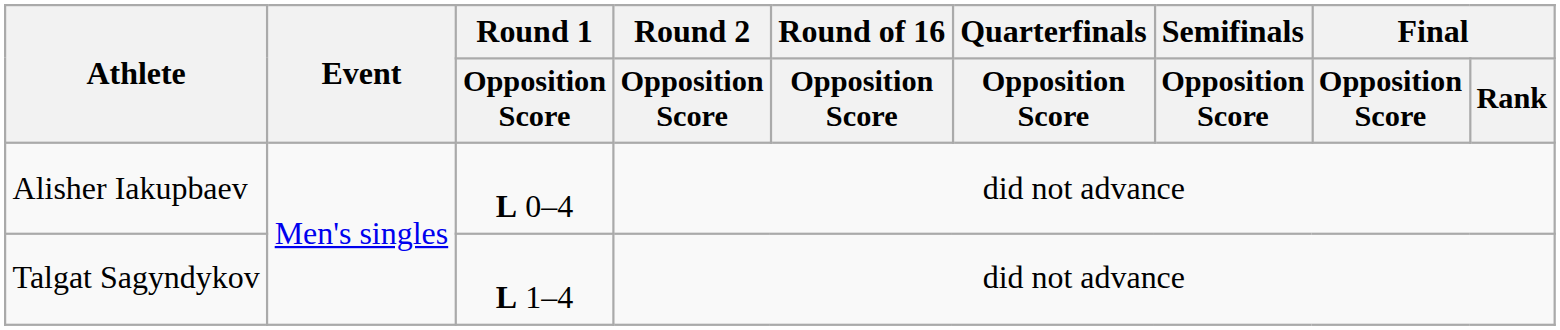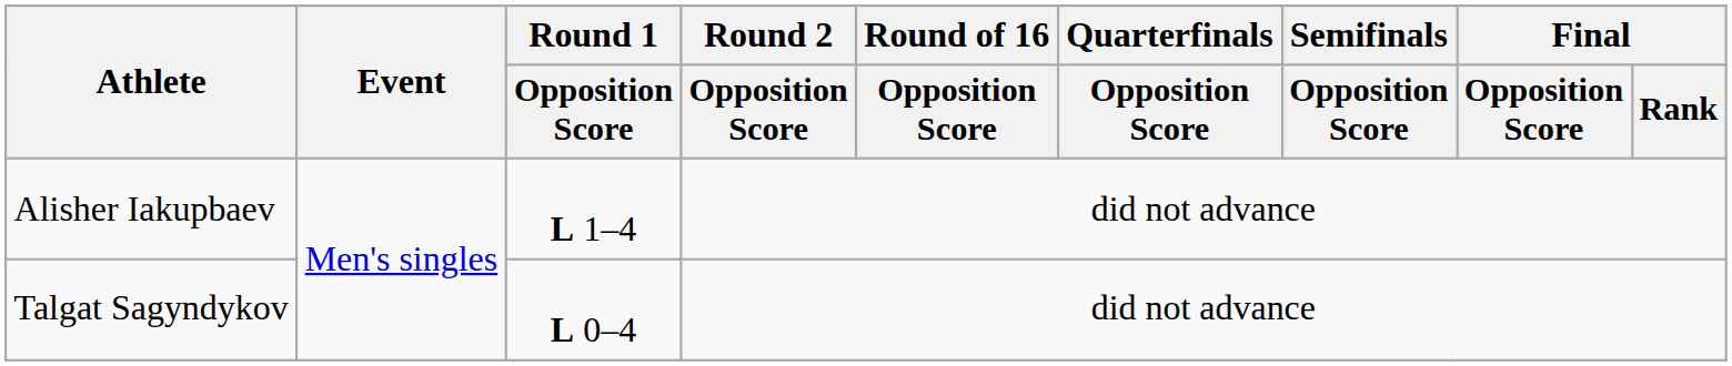 <table class=wikitable style="font-size:90%; text-align:center;">
 <tr>
 <th rowspan="2">Athlete</th>
 <th rowspan="2">Event</th>
 <th>Round 1</th>
 <th>Round 2</th>
 <th>Round of 16</th>
 <th>Quarterfinals</th>
 <th>Semifinals</th>
 <th colspan=2>Final</th>
 </tr>
 <tr style="font-size:95%">
 <th>Opposition<br>Score</th>
 <th>Opposition<br>Score</th>
 <th>Opposition<br>Score</th>
 <th>Opposition<br>Score</th>
 <th>Opposition<br>Score</th>
 <th>Opposition<br>Score</th>
 <th>Rank</th>
 </tr>
 <tr>
 <td align=left>Alisher Iakupbaev</td>
 <td align=left rowspan=2><a href='#'>Men's singles</a></td>
-<td><br><strong>L</strong> 0–4</td>
+<td><br><strong>L</strong> 1–4</td>
 <td colspan=6>did not advance</td>
 </tr>
 <tr>
 <td align=left>Talgat Sagyndykov</td>
-<td><br><strong>L</strong> 1–4</td>
+<td><br><strong>L</strong> 0–4</td>
 <td colspan=6>did not advance</td>
 </tr>
 </table>
